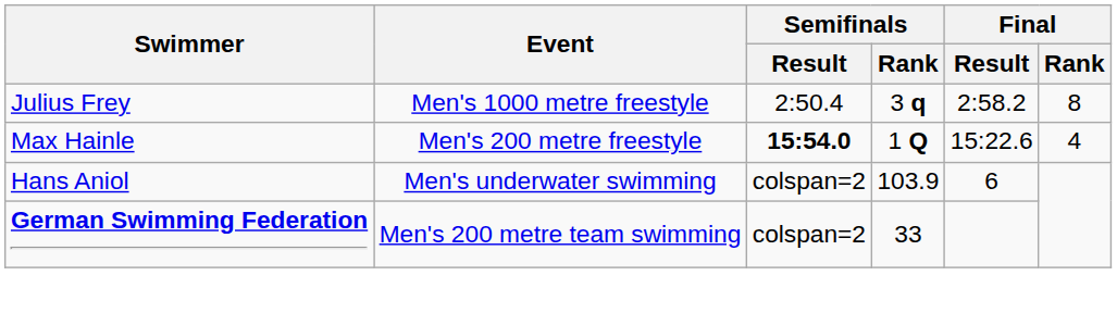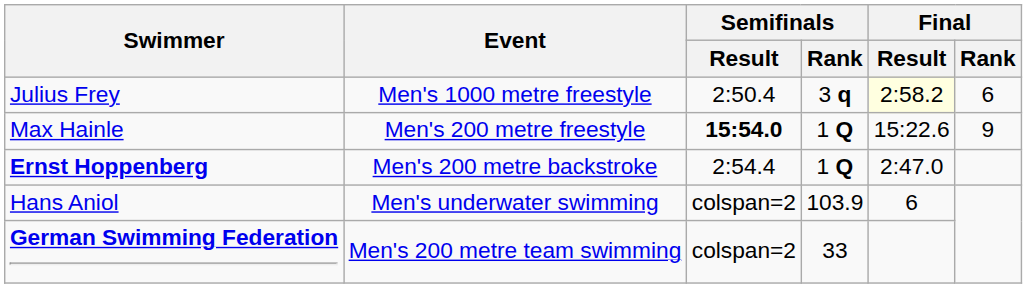 <table class=wikitable>
 <tr>
 <th rowspan=2>Swimmer</th>
 <th rowspan=2>Event</th>
 <th colspan=2>Semifinals</th>
 <th colspan=2>Final</th>
 </tr>
 <tr>
 <th>Result</th>
 <th>Rank</th>
 <th>Result</th>
 <th>Rank</th>
 </tr>
 <tr align=center>
 <td align=left><a href='#'>Julius Frey</a></td>
 <td><a href='#'>Men's 1000 metre freestyle</a></td>
 <td>2:50.4</td>
 <td>3 <strong>q</strong></td>
-<td>2:58.2</td>
-<td>8</td>
+<td style="background: lightyellow;">2:58.2</td>
+<td>6</td>
 </tr>
 <tr align=center>
 <td align=left><a href='#'>Max Hainle</a></td>
 <td><a href='#'>Men's 200 metre freestyle</a></td>
 <td><strong>15:54.0</strong></td>
 <td>1 <strong>Q</strong></td>
 <td>15:22.6</td>
-<td>4</td>
+<td>9</td>
+</tr>
+<tr align=center>
+<td align=left><strong><a href='#'>Ernst Hoppenberg</a></strong></td>
+<td><a href='#'>Men's 200 metre backstroke</a></td>
+<td>2:54.4</td>
+<td>1 <strong>Q</strong></td>
+<td>2:47.0</td>
+<td></td>
 </tr>
 <tr align=center>
 <td align=left><a href='#'>Hans Aniol</a></td>
 <td><a href='#'>Men's underwater swimming</a></td>
 <td>colspan=2 </td>
 <td>103.9</td>
 <td>6</td>
 </tr>
 <tr align=center>
 <td align=left><strong><a href='#'>German Swimming Federation</a> <hr> </strong></td>
 <td><a href='#'>Men's 200 metre team swimming</a></td>
 <td>colspan=2 </td>
 <td>33</td>
 <td></td>
 </tr>
 </table>
